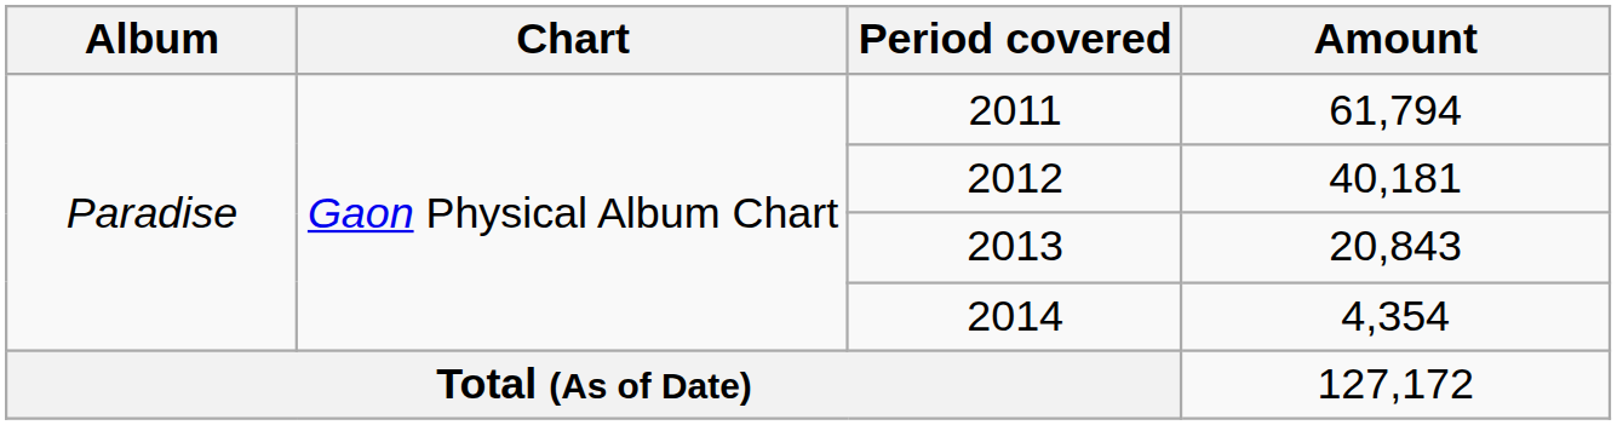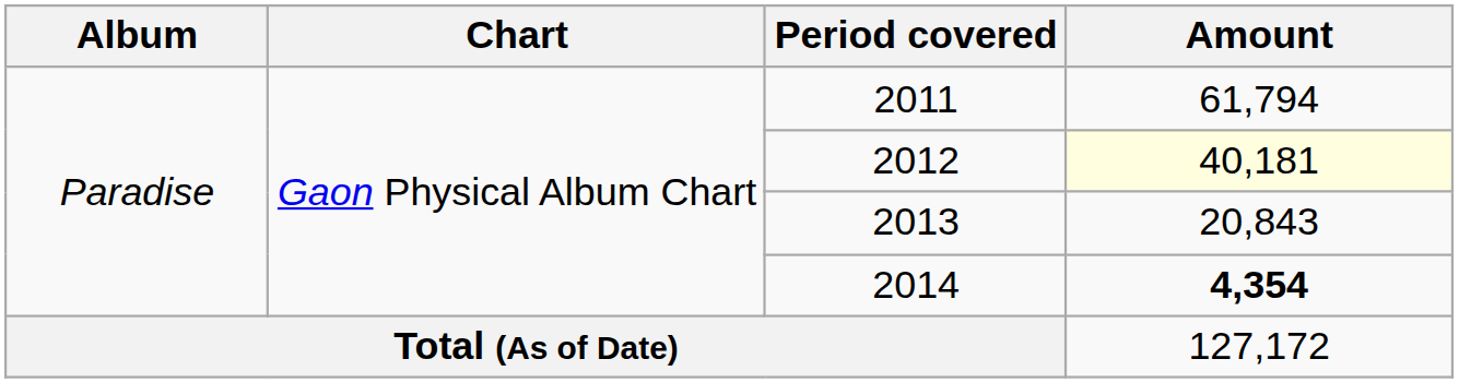 <table class="wikitable">
 <tr>
 <th width='100'>Album</th>
 <th>Chart</th>
 <th>Period covered</th>
 <th style="width:150px;">Amount</th>
 </tr>
 <tr>
 <td rowspan='4' align="center"><em>Paradise</em></td>
 <td rowspan='4' align="center"><em><a href='#'>Gaon</a></em> Physical Album Chart</td>
 <td align="center">2011</td>
 <td align="center">61,794</td>
 </tr>
 <tr>
 <td align="center">2012</td>
-<td align="center">40,181</td>
+<td align="center" style="background: lightyellow;">40,181</td>
 </tr>
 <tr>
 <td align="center">2013</td>
 <td align="center">20,843</td>
 </tr>
 <tr>
 <td align="center">2014</td>
-<td align="center">4,354</td>
+<td align="center"><strong>4,354</strong></td>
 </tr>
 <tr>
 <th colspan='3'>Total <small>(As of Date)</small></th>
 <td align="center">127,172</td>
 </tr>
 </table>
